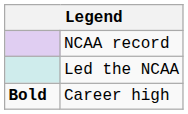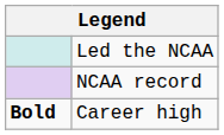 <table class="wikitable">
 <tr>
 <th colspan="2">Legend</th>
+</tr>
+<tr>
+<td style="background:#cfecec; width:3em;"></td>
+<td>Led the NCAA</td>
 </tr>
 <tr>
 <td style="background:#e0cef2; width:3em;"></td>
 <td>NCAA record</td>
 </tr>
 <tr>
-<td style="background:#cfecec; width:3em;"></td>
-<td>Led the NCAA</td>
-</tr>
-<tr>
 <td><strong>Bold</strong></td>
 <td>Career high</td>
 </tr>
 </table>
